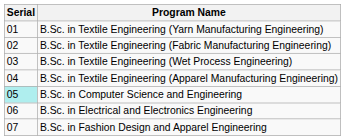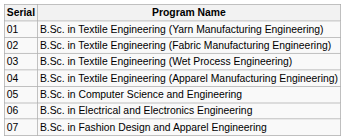 <table class="wikitable sortable" style="font-size:90%">
 <tr>
 <th>Serial</th>
 <th>Program Name</th>
 </tr>
 <tr>
 <td>01</td>
 <td>B.Sc. in Textile Engineering (Yarn Manufacturing Engineering)</td>
 </tr>
 <tr>
 <td>02</td>
 <td>B.Sc. in Textile Engineering (Fabric Manufacturing Engineering)</td>
 </tr>
 <tr>
 <td>03</td>
 <td>B.Sc. in Textile Engineering (Wet Process Engineering)</td>
 </tr>
 <tr>
 <td>04</td>
 <td>B.Sc. in Textile Engineering (Apparel Manufacturing Engineering)</td>
 </tr>
 <tr>
-<td style="background: paleturquoise;">05</td>
+<td>05</td>
 <td>B.Sc. in Computer Science and Engineering</td>
 </tr>
 <tr>
 <td>06</td>
 <td>B.Sc.  in Electrical and Electronics Engineering</td>
 </tr>
 <tr>
 <td>07</td>
 <td>B.Sc. in Fashion Design and Apparel Engineering</td>
 </tr>
 </table>
